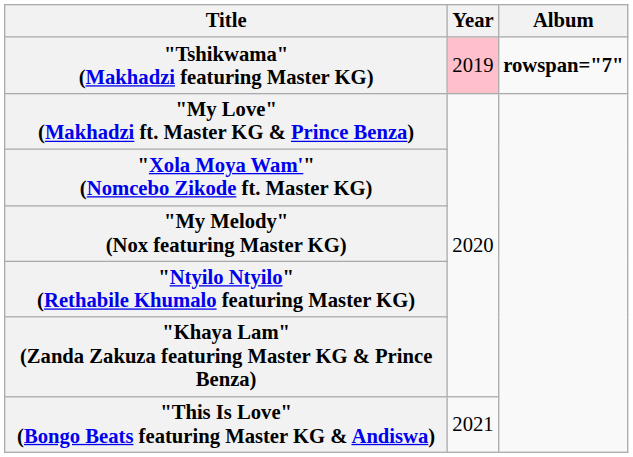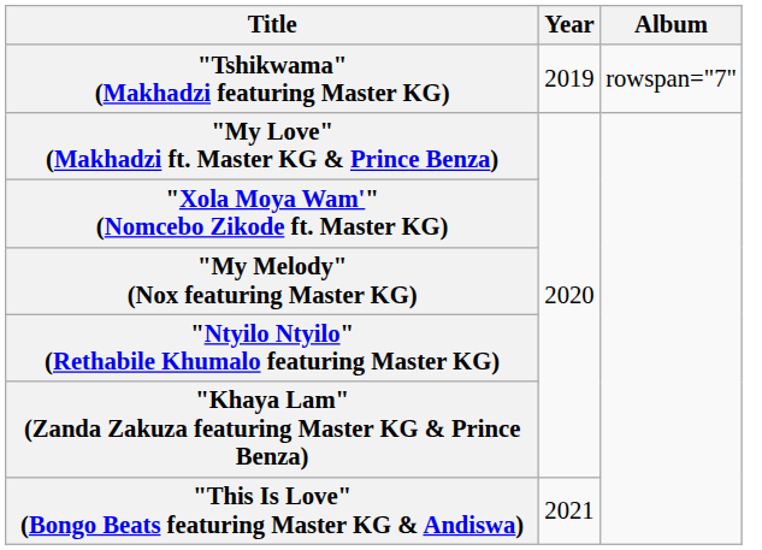 <table class="wikitable plainrowheaders" style="text-align:center;">
 <tr>
 <th scope="col" style="width:21em;">Title</th>
 <th scope="col" style="width:1em;">Year</th>
 <th scope="col">Album</th>
 </tr>
 <tr>
 <th scope="row">"Tshikwama"<br><span>(<a href='#'>Makhadzi</a> featuring Master KG)</span></th>
-<td style="background: pink;">2019</td>
-<td><strong>rowspan="7" </strong></td>
+<td>2019</td>
+<td>rowspan="7" </td>
 </tr>
 <tr>
 <th scope="row">"My Love"<br><span>(<a href='#'>Makhadzi</a> ft. Master KG & <a href='#'>Prince Benza</a>)</span></th>
 <td rowspan="5">2020</td>
 </tr>
 <tr>
 <th scope="row">"<a href='#'>Xola Moya Wam'</a>"<br><span>(<a href='#'>Nomcebo Zikode</a> ft. Master KG)</span></th>
 </tr>
 <tr>
 <th scope="row">"My Melody"<br><span>(Nox featuring Master KG)</span></th>
 </tr>
 <tr>
 <th scope="row">"<a href='#'>Ntyilo Ntyilo</a>"<br><span>(<a href='#'>Rethabile Khumalo</a> featuring Master KG)</span></th>
 </tr>
 <tr>
 <th scope="row">"Khaya Lam"<br><span>(Zanda Zakuza featuring Master KG & Prince Benza)</span></th>
 </tr>
 <tr>
 <th scope="row">"This Is Love"<br><span>(<a href='#'>Bongo Beats</a> featuring Master KG & <a href='#'>Andiswa</a>)</span></th>
 <td>2021</td>
 </tr>
 </table>
